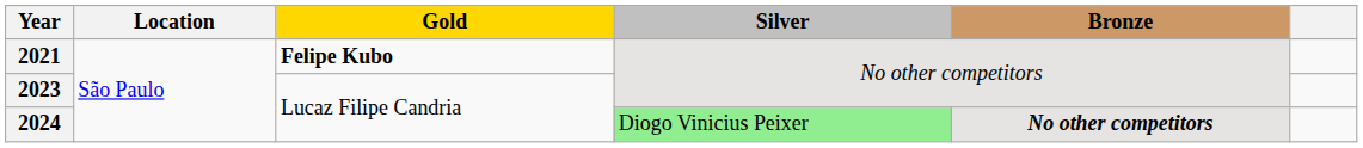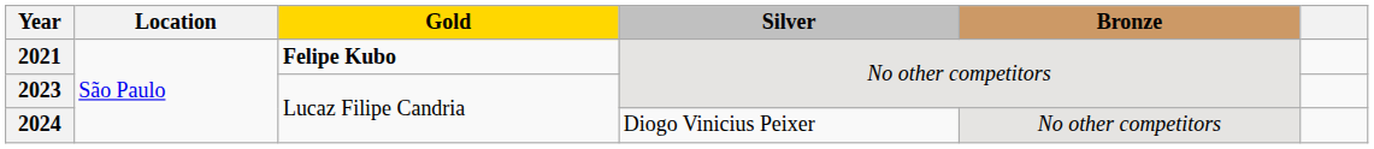 <table class="wikitable unsortable" style="text-align:left; width:80%;">
 <tr>
 <th scope="col" style="text-align:center; width:5%;">Year</th>
 <th scope="col" style="text-align:center; width:15%;">Location</th>
 <td scope="col" style="text-align:center; width:25%; background:gold"><strong>Gold</strong></td>
 <td scope="col" style="text-align:center; width:25%; background:silver"><strong>Silver</strong></td>
 <td scope="col" style="text-align:center; width:25%; background:#c96"><strong>Bronze</strong></td>
 <th scope="col" style="text-align:center; width:5%;"></th>
 </tr>
 <tr>
 <th scope="row">2021</th>
 <td rowspan="3"><a href='#'>São Paulo</a></td>
 <td><strong>Felipe Kubo</strong></td>
 <td colspan="2" rowspan="2" align="center" bgcolor="e5e4e2"><em>No other competitors</em></td>
 <td></td>
 </tr>
 <tr>
 <th scope="row">2023</th>
 <td rowspan="2">Lucaz Filipe Candria</td>
 <td></td>
 </tr>
 <tr>
 <th scope="row">2024</th>
-<td style="background: lightgreen;">Diogo Vinicius Peixer</td>
-<td align="center" bgcolor="e5e4e2"><strong><em>No other competitors</em></strong></td>
+<td>Diogo Vinicius Peixer</td>
+<td align="center" bgcolor="e5e4e2"><em>No other competitors</em></td>
 <td></td>
 </tr>
 </table>
